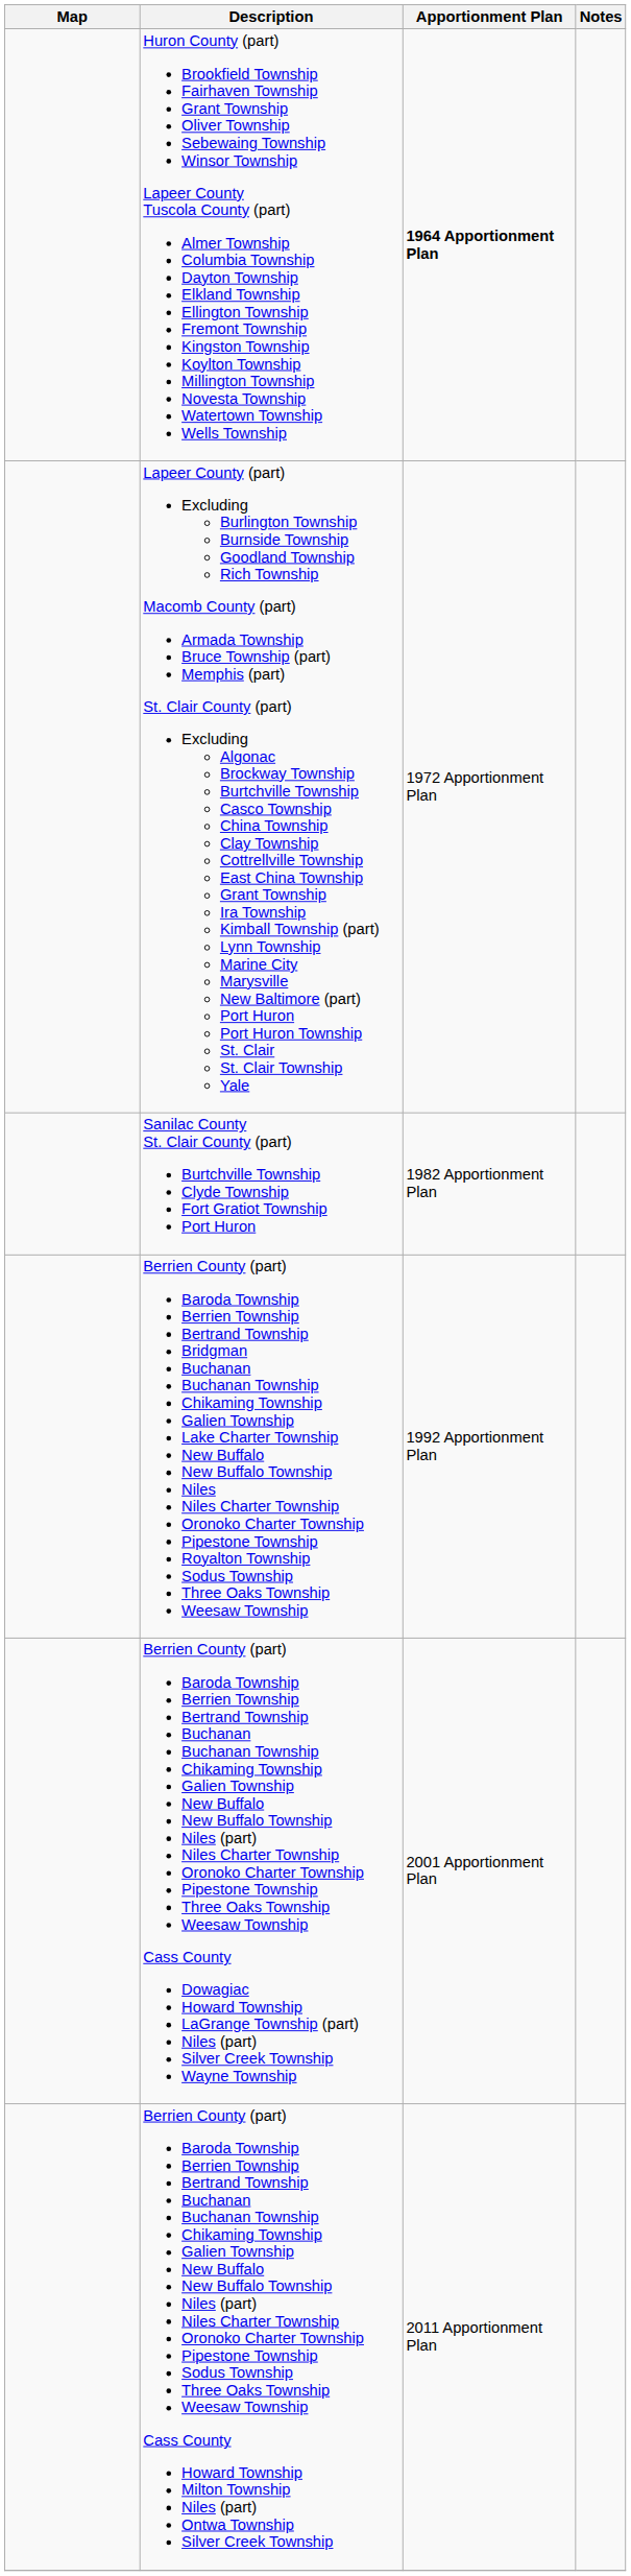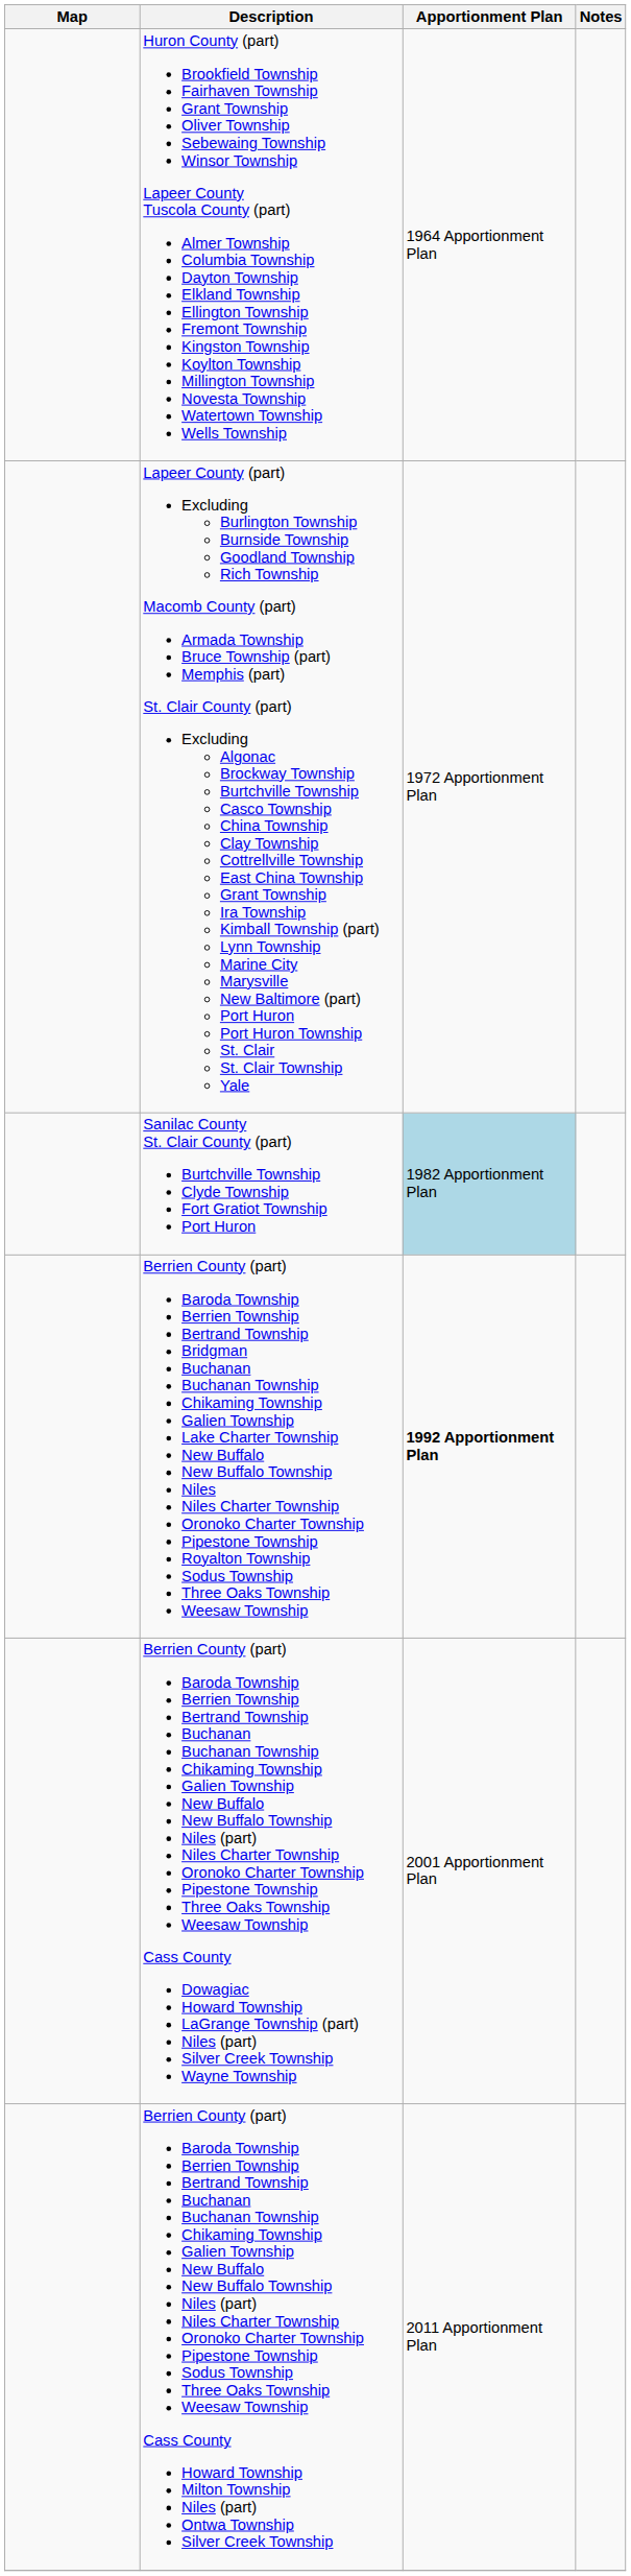 <table class="wikitable sortable">
 <tr>
 <th style="width:100pt;">Map</th>
 <th style="width:200pt;">Description</th>
 <th style="width:130pt;">Apportionment Plan</th>
 <th style="width:15pt;">Notes</th>
 </tr>
 <tr>
 <td></td>
 <td><a href='#'>Huron County</a> (part)<br><ul><li><a href='#'>Brookfield Township</a></li><li><a href='#'>Fairhaven Township</a></li><li><a href='#'>Grant Township</a></li><li><a href='#'>Oliver Township</a></li><li><a href='#'>Sebewaing Township</a></li><li><a href='#'>Winsor Township</a></li></ul><a href='#'>Lapeer County</a><br><a href='#'>Tuscola County</a> (part)<ul><li><a href='#'>Almer Township</a></li><li><a href='#'>Columbia Township</a></li><li><a href='#'>Dayton Township</a></li><li><a href='#'>Elkland Township</a></li><li><a href='#'>Ellington Township</a></li><li><a href='#'>Fremont Township</a></li><li><a href='#'>Kingston Township</a></li><li><a href='#'>Koylton Township</a></li><li><a href='#'>Millington Township</a></li><li><a href='#'>Novesta Township</a></li><li><a href='#'>Watertown Township</a></li><li><a href='#'>Wells Township</a></li></ul></td>
-<td><strong>1964 Apportionment Plan</strong></td>
+<td>1964 Apportionment Plan</td>
 <td></td>
 </tr>
 <tr>
 <td></td>
 <td><a href='#'>Lapeer County</a> (part)<br><ul><li>Excluding<ul><li><a href='#'>Burlington Township</a></li><li><a href='#'>Burnside Township</a></li><li><a href='#'>Goodland Township</a></li><li><a href='#'>Rich Township</a></li></ul></li></ul><a href='#'>Macomb County</a> (part)<ul><li><a href='#'>Armada Township</a></li><li><a href='#'>Bruce Township</a> (part)</li><li><a href='#'>Memphis</a> (part)</li></ul><a href='#'>St. Clair County</a> (part)<ul><li>Excluding<ul><li><a href='#'>Algonac</a></li><li><a href='#'>Brockway Township</a></li><li><a href='#'>Burtchville Township</a></li><li><a href='#'>Casco Township</a></li><li><a href='#'>China Township</a></li><li><a href='#'>Clay Township</a></li><li><a href='#'>Cottrellville Township</a></li><li><a href='#'>East China Township</a></li><li><a href='#'>Grant Township</a></li><li><a href='#'>Ira Township</a></li><li><a href='#'>Kimball Township</a> (part)</li><li><a href='#'>Lynn Township</a></li><li><a href='#'>Marine City</a></li><li><a href='#'>Marysville</a></li><li><a href='#'>New Baltimore</a> (part)</li><li><a href='#'>Port Huron</a></li><li><a href='#'>Port Huron Township</a></li><li><a href='#'>St. Clair</a></li><li><a href='#'>St. Clair Township</a></li><li><a href='#'>Yale</a></li></ul></li></ul></td>
 <td>1972 Apportionment Plan</td>
 <td></td>
 </tr>
 <tr>
 <td></td>
 <td><a href='#'>Sanilac County</a><br><a href='#'>St. Clair County</a> (part)<ul><li><a href='#'>Burtchville Township</a></li><li><a href='#'>Clyde Township</a></li><li><a href='#'>Fort Gratiot Township</a></li><li><a href='#'>Port Huron</a></li></ul></td>
-<td>1982 Apportionment Plan</td>
+<td style="background: lightblue;">1982 Apportionment Plan</td>
 <td></td>
 </tr>
 <tr>
 <td></td>
 <td><a href='#'>Berrien County</a> (part)<br><ul><li><a href='#'>Baroda Township</a></li><li><a href='#'>Berrien Township</a></li><li><a href='#'>Bertrand Township</a></li><li><a href='#'>Bridgman</a></li><li><a href='#'>Buchanan</a></li><li><a href='#'>Buchanan Township</a></li><li><a href='#'>Chikaming Township</a></li><li><a href='#'>Galien Township</a></li><li><a href='#'>Lake Charter Township</a></li><li><a href='#'>New Buffalo</a></li><li><a href='#'>New Buffalo Township</a></li><li><a href='#'>Niles</a></li><li><a href='#'>Niles Charter Township</a></li><li><a href='#'>Oronoko Charter Township</a></li><li><a href='#'>Pipestone Township</a></li><li><a href='#'>Royalton Township</a></li><li><a href='#'>Sodus Township</a></li><li><a href='#'>Three Oaks Township</a></li><li><a href='#'>Weesaw Township</a></li></ul></td>
-<td>1992 Apportionment Plan</td>
+<td><strong>1992 Apportionment Plan</strong></td>
 <td></td>
 </tr>
 <tr>
 <td></td>
 <td><a href='#'>Berrien County</a> (part)<br><ul><li><a href='#'>Baroda Township</a></li><li><a href='#'>Berrien Township</a></li><li><a href='#'>Bertrand Township</a></li><li><a href='#'>Buchanan</a></li><li><a href='#'>Buchanan Township</a></li><li><a href='#'>Chikaming Township</a></li><li><a href='#'>Galien Township</a></li><li><a href='#'>New Buffalo</a></li><li><a href='#'>New Buffalo Township</a></li><li><a href='#'>Niles</a> (part)</li><li><a href='#'>Niles Charter Township</a></li><li><a href='#'>Oronoko Charter Township</a></li><li><a href='#'>Pipestone Township</a></li><li><a href='#'>Three Oaks Township</a></li><li><a href='#'>Weesaw Township</a></li></ul><a href='#'>Cass County</a><ul><li><a href='#'>Dowagiac</a></li><li><a href='#'>Howard Township</a></li><li><a href='#'>LaGrange Township</a> (part)</li><li><a href='#'>Niles</a> (part)</li><li><a href='#'>Silver Creek Township</a></li><li><a href='#'>Wayne Township</a></li></ul></td>
 <td>2001 Apportionment Plan</td>
 <td></td>
 </tr>
 <tr>
 <td></td>
 <td><a href='#'>Berrien County</a> (part)<br><ul><li><a href='#'>Baroda Township</a></li><li><a href='#'>Berrien Township</a></li><li><a href='#'>Bertrand Township</a></li><li><a href='#'>Buchanan</a></li><li><a href='#'>Buchanan Township</a></li><li><a href='#'>Chikaming Township</a></li><li><a href='#'>Galien Township</a></li><li><a href='#'>New Buffalo</a></li><li><a href='#'>New Buffalo Township</a></li><li><a href='#'>Niles</a> (part)</li><li><a href='#'>Niles Charter Township</a></li><li><a href='#'>Oronoko Charter Township</a></li><li><a href='#'>Pipestone Township</a></li><li><a href='#'>Sodus Township</a></li><li><a href='#'>Three Oaks Township</a></li><li><a href='#'>Weesaw Township</a></li></ul><a href='#'>Cass County</a><ul><li><a href='#'>Howard Township</a></li><li><a href='#'>Milton Township</a></li><li><a href='#'>Niles</a> (part)</li><li><a href='#'>Ontwa Township</a></li><li><a href='#'>Silver Creek Township</a></li></ul></td>
 <td>2011 Apportionment Plan</td>
 <td></td>
 </tr>
 <tr>
 </tr>
 </table>
